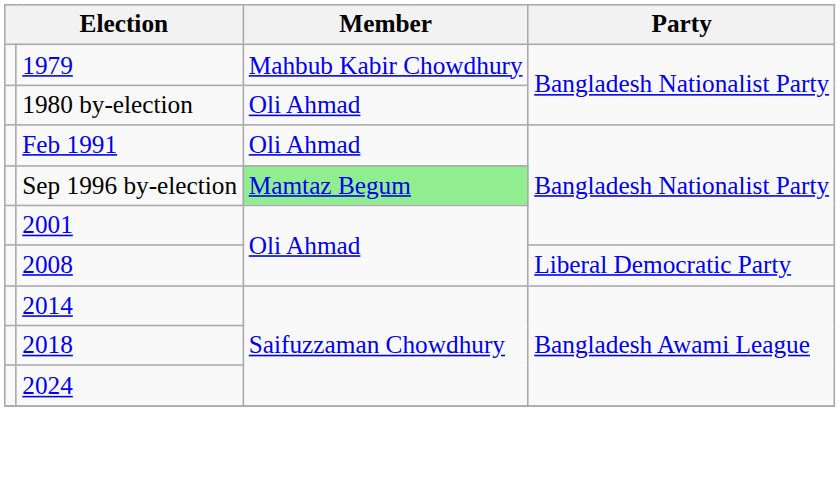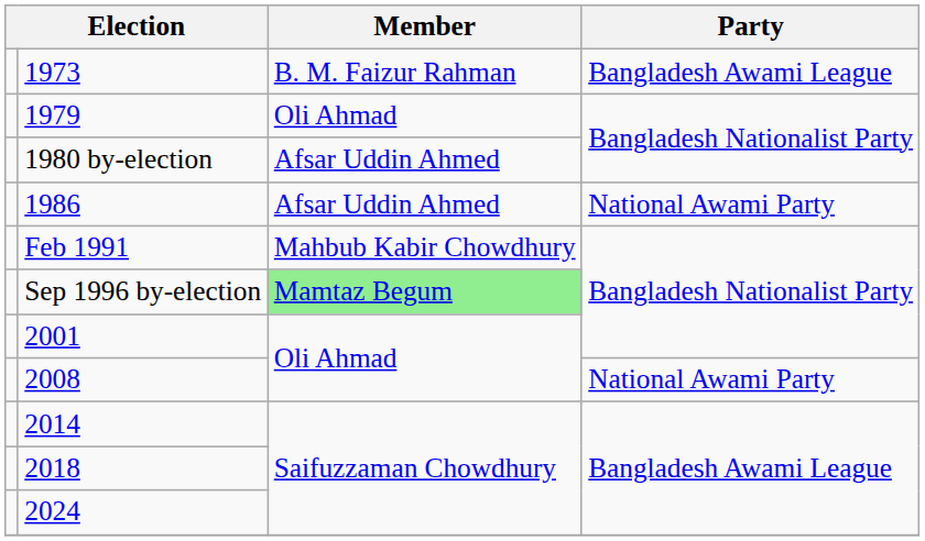 <table class="wikitable">
 <tr>
 <th colspan="2">Election</th>
 <th>Member</th>
 <th>Party</th>
 </tr>
 <tr>
 <td style="background-color:"></td>
+<td><a href='#'>1973</a></td>
+<td><a href='#'>B. M. Faizur Rahman</a></td>
+<td><a href='#'>Bangladesh Awami League</a></td>
+</tr>
+<tr>
+<td style="background-color:"></td>
 <td><a href='#'>1979</a></td>
-<td><a href='#'>Mahbub Kabir Chowdhury</a></td>
+<td><a href='#'>Oli Ahmad</a></td>
 <td rowspan="2"><a href='#'>Bangladesh Nationalist Party</a></td>
 </tr>
 <tr>
 <td style="background-color:"></td>
 <td>1980 by-election</td>
-<td><a href='#'>Oli Ahmad</a></td>
+<td><a href='#'>Afsar Uddin Ahmed</a></td>
+</tr>
+<tr>
+<td style="background-color:"></td>
+<td><a href='#'>1986</a></td>
+<td><a href='#'>Afsar Uddin Ahmed</a></td>
+<td><a href='#'>National Awami Party</a></td>
 </tr>
 <tr>
 <td style="background-color:"></td>
 <td><a href='#'>Feb 1991</a></td>
-<td><a href='#'>Oli Ahmad</a></td>
+<td><a href='#'>Mahbub Kabir Chowdhury</a></td>
 <td rowspan="3"><a href='#'>Bangladesh Nationalist Party</a></td>
 </tr>
 <tr>
 <td style="background-color:"></td>
 <td>Sep 1996 by-election</td>
 <td style="background: lightgreen;"><a href='#'>Mamtaz Begum</a></td>
 </tr>
 <tr>
 <td style="background-color:"></td>
 <td><a href='#'>2001</a></td>
 <td rowspan="2"><a href='#'>Oli Ahmad</a></td>
 </tr>
 <tr>
 <td style="background-color:"></td>
 <td><a href='#'>2008</a></td>
-<td><a href='#'>Liberal Democratic Party</a></td>
+<td><a href='#'>National Awami Party</a></td>
 </tr>
 <tr>
 <td style="background-color:"></td>
 <td><a href='#'>2014</a></td>
 <td rowspan="3"><a href='#'>Saifuzzaman Chowdhury</a></td>
 <td rowspan="3"><a href='#'>Bangladesh Awami League</a></td>
 </tr>
 <tr>
 <td style="background-color:"></td>
 <td><a href='#'>2018</a></td>
 </tr>
 <tr>
 <td style="background-color:"></td>
 <td><a href='#'>2024</a></td>
 </tr>
 <tr>
 </tr>
 </table>
